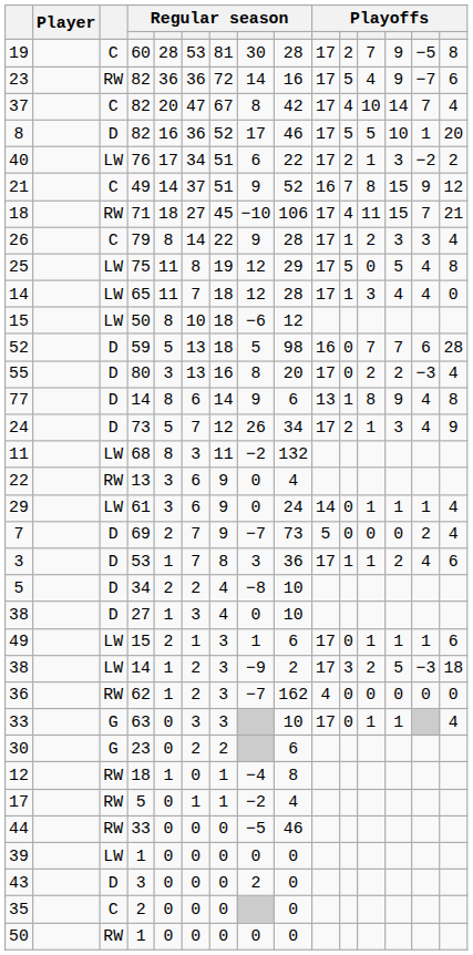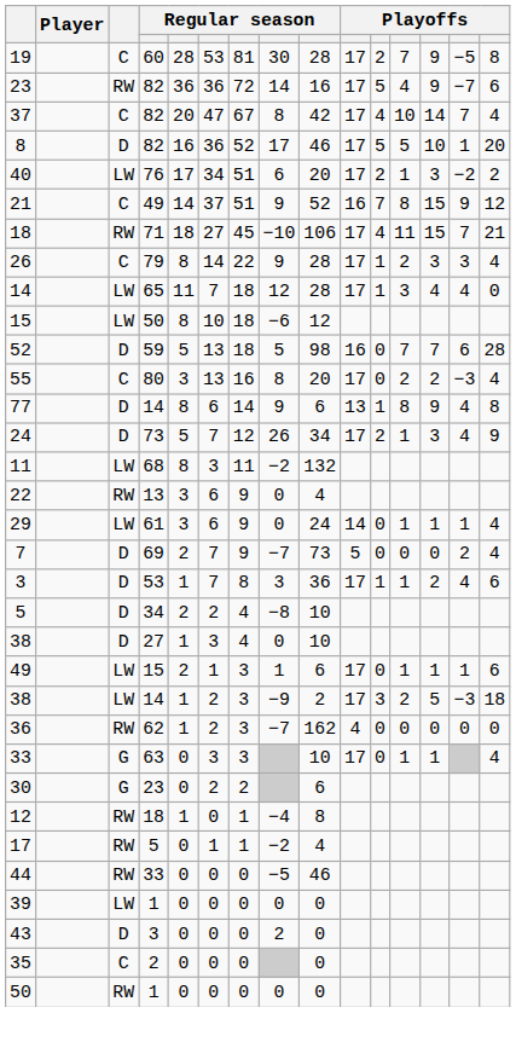 <table class="wikitable sortable plainrowheaders" style="text-align:center;">
 <tr>
 <th scope="col" data-sort-type="number" rowspan="2"></th>
 <th scope="col" rowspan="2">Player</th>
 <th scope="col" rowspan="2"></th>
 <th scope=colgroup colspan=6>Regular season</th>
 <th scope=colgroup colspan=6>Playoffs</th>
 </tr>
 <tr>
 <th scope="col" data-sort-type="number"></th>
 <th scope="col" data-sort-type="number"></th>
 <th scope="col" data-sort-type="number"></th>
 <th scope="col" data-sort-type="number"></th>
 <th scope="col" data-sort-type="number"></th>
 <th scope="col" data-sort-type="number"></th>
 <th scope="col" data-sort-type="number"></th>
 <th scope="col" data-sort-type="number"></th>
 <th scope="col" data-sort-type="number"></th>
 <th scope="col" data-sort-type="number"></th>
 <th scope="col" data-sort-type="number"></th>
 <th scope="col" data-sort-type="number"></th>
 </tr>
 <tr>
 <td scope="row">19</td>
 <td align="left"></td>
 <td>C</td>
 <td>60</td>
 <td>28</td>
 <td>53</td>
 <td>81</td>
 <td>30</td>
 <td>28</td>
 <td>17</td>
 <td>2</td>
 <td>7</td>
 <td>9</td>
 <td>−5</td>
 <td>8</td>
 </tr>
 <tr>
 <td scope="row">23</td>
 <td align="left"></td>
 <td>RW</td>
 <td>82</td>
 <td>36</td>
 <td>36</td>
 <td>72</td>
 <td>14</td>
 <td>16</td>
 <td>17</td>
 <td>5</td>
 <td>4</td>
 <td>9</td>
 <td>−7</td>
 <td>6</td>
 </tr>
 <tr>
 <td scope="row">37</td>
 <td align="left"></td>
 <td>C</td>
 <td>82</td>
 <td>20</td>
 <td>47</td>
 <td>67</td>
 <td>8</td>
 <td>42</td>
 <td>17</td>
 <td>4</td>
 <td>10</td>
 <td>14</td>
 <td>7</td>
 <td>4</td>
 </tr>
 <tr>
 <td scope="row">8</td>
 <td align="left"></td>
 <td>D</td>
 <td>82</td>
 <td>16</td>
 <td>36</td>
 <td>52</td>
 <td>17</td>
 <td>46</td>
 <td>17</td>
 <td>5</td>
 <td>5</td>
 <td>10</td>
 <td>1</td>
 <td>20</td>
 </tr>
 <tr>
 <td scope="row">40</td>
 <td align="left"></td>
 <td>LW</td>
 <td>76</td>
 <td>17</td>
 <td>34</td>
 <td>51</td>
 <td>6</td>
-<td>22</td>
+<td>20</td>
 <td>17</td>
 <td>2</td>
 <td>1</td>
 <td>3</td>
 <td>−2</td>
 <td>2</td>
 </tr>
 <tr>
 <td scope="row">21</td>
 <td align="left"></td>
 <td>C</td>
 <td>49</td>
 <td>14</td>
 <td>37</td>
 <td>51</td>
 <td>9</td>
 <td>52</td>
 <td>16</td>
 <td>7</td>
 <td>8</td>
 <td>15</td>
 <td>9</td>
 <td>12</td>
 </tr>
 <tr>
 <td scope="row">18</td>
 <td align="left"></td>
 <td>RW</td>
 <td>71</td>
 <td>18</td>
 <td>27</td>
 <td>45</td>
 <td>−10</td>
 <td>106</td>
 <td>17</td>
 <td>4</td>
 <td>11</td>
 <td>15</td>
 <td>7</td>
 <td>21</td>
 </tr>
 <tr>
 <td scope="row">26</td>
 <td align="left"></td>
 <td>C</td>
 <td>79</td>
 <td>8</td>
 <td>14</td>
 <td>22</td>
 <td>9</td>
 <td>28</td>
 <td>17</td>
 <td>1</td>
 <td>2</td>
 <td>3</td>
 <td>3</td>
 <td>4</td>
 </tr>
 <tr>
-<td scope="row">25</td>
-<td align="left"></td>
-<td>LW</td>
-<td>75</td>
-<td>11</td>
-<td>8</td>
-<td>19</td>
-<td>12</td>
-<td>29</td>
-<td>17</td>
-<td>5</td>
-<td>0</td>
-<td>5</td>
-<td>4</td>
-<td>8</td>
-</tr>
-<tr>
 <td scope="row">14</td>
 <td align="left"></td>
 <td>LW</td>
 <td>65</td>
 <td>11</td>
 <td>7</td>
 <td>18</td>
 <td>12</td>
 <td>28</td>
 <td>17</td>
 <td>1</td>
 <td>3</td>
 <td>4</td>
 <td>4</td>
 <td>0</td>
 </tr>
 <tr>
 <td scope="row">15</td>
 <td align="left"></td>
 <td>LW</td>
 <td>50</td>
 <td>8</td>
 <td>10</td>
 <td>18</td>
 <td>−6</td>
 <td>12</td>
 <td></td>
 <td></td>
 <td></td>
 <td></td>
 <td></td>
 <td></td>
 </tr>
 <tr>
 <td scope="row">52</td>
 <td align="left"></td>
 <td>D</td>
 <td>59</td>
 <td>5</td>
 <td>13</td>
 <td>18</td>
 <td>5</td>
 <td>98</td>
 <td>16</td>
 <td>0</td>
 <td>7</td>
 <td>7</td>
 <td>6</td>
 <td>28</td>
 </tr>
 <tr>
 <td scope="row">55</td>
 <td align="left"></td>
-<td>D</td>
+<td>C</td>
 <td>80</td>
 <td>3</td>
 <td>13</td>
 <td>16</td>
 <td>8</td>
 <td>20</td>
 <td>17</td>
 <td>0</td>
 <td>2</td>
 <td>2</td>
 <td>−3</td>
 <td>4</td>
 </tr>
 <tr>
 <td scope="row">77</td>
 <td align="left"></td>
 <td>D</td>
 <td>14</td>
 <td>8</td>
 <td>6</td>
 <td>14</td>
 <td>9</td>
 <td>6</td>
 <td>13</td>
 <td>1</td>
 <td>8</td>
 <td>9</td>
 <td>4</td>
 <td>8</td>
 </tr>
 <tr>
 <td scope="row">24</td>
 <td align="left"></td>
 <td>D</td>
 <td>73</td>
 <td>5</td>
 <td>7</td>
 <td>12</td>
 <td>26</td>
 <td>34</td>
 <td>17</td>
 <td>2</td>
 <td>1</td>
 <td>3</td>
 <td>4</td>
 <td>9</td>
 </tr>
 <tr>
 <td scope="row">11</td>
 <td align="left"></td>
 <td>LW</td>
 <td>68</td>
 <td>8</td>
 <td>3</td>
 <td>11</td>
 <td>−2</td>
 <td>132</td>
 <td></td>
 <td></td>
 <td></td>
 <td></td>
 <td></td>
 <td></td>
 </tr>
 <tr>
 <td scope="row">22</td>
 <td align="left"></td>
 <td>RW</td>
 <td>13</td>
 <td>3</td>
 <td>6</td>
 <td>9</td>
 <td>0</td>
 <td>4</td>
 <td></td>
 <td></td>
 <td></td>
 <td></td>
 <td></td>
 <td></td>
 </tr>
 <tr>
 <td scope="row">29</td>
 <td align="left"></td>
 <td>LW</td>
 <td>61</td>
 <td>3</td>
 <td>6</td>
 <td>9</td>
 <td>0</td>
 <td>24</td>
 <td>14</td>
 <td>0</td>
 <td>1</td>
 <td>1</td>
 <td>1</td>
 <td>4</td>
 </tr>
 <tr>
 <td scope="row">7</td>
 <td align="left"></td>
 <td>D</td>
 <td>69</td>
 <td>2</td>
 <td>7</td>
 <td>9</td>
 <td>−7</td>
 <td>73</td>
 <td>5</td>
 <td>0</td>
 <td>0</td>
 <td>0</td>
 <td>2</td>
 <td>4</td>
 </tr>
 <tr>
 <td scope="row">3</td>
 <td align="left"></td>
 <td>D</td>
 <td>53</td>
 <td>1</td>
 <td>7</td>
 <td>8</td>
 <td>3</td>
 <td>36</td>
 <td>17</td>
 <td>1</td>
 <td>1</td>
 <td>2</td>
 <td>4</td>
 <td>6</td>
 </tr>
 <tr>
 <td scope="row">5</td>
 <td align="left"></td>
 <td>D</td>
 <td>34</td>
 <td>2</td>
 <td>2</td>
 <td>4</td>
 <td>−8</td>
 <td>10</td>
 <td></td>
 <td></td>
 <td></td>
 <td></td>
 <td></td>
 <td></td>
 </tr>
 <tr>
 <td scope="row">38</td>
 <td align="left"></td>
 <td>D</td>
 <td>27</td>
 <td>1</td>
 <td>3</td>
 <td>4</td>
 <td>0</td>
 <td>10</td>
 <td></td>
 <td></td>
 <td></td>
 <td></td>
 <td></td>
 <td></td>
 </tr>
 <tr>
 <td scope="row">49</td>
 <td align="left"></td>
 <td>LW</td>
 <td>15</td>
 <td>2</td>
 <td>1</td>
 <td>3</td>
 <td>1</td>
 <td>6</td>
 <td>17</td>
 <td>0</td>
 <td>1</td>
 <td>1</td>
 <td>1</td>
 <td>6</td>
 </tr>
 <tr>
 <td scope="row">38</td>
 <td align="left"></td>
 <td>LW</td>
 <td>14</td>
 <td>1</td>
 <td>2</td>
 <td>3</td>
 <td>−9</td>
 <td>2</td>
 <td>17</td>
 <td>3</td>
 <td>2</td>
 <td>5</td>
 <td>−3</td>
 <td>18</td>
 </tr>
 <tr>
 <td scope="row">36</td>
 <td align="left"></td>
 <td>RW</td>
 <td>62</td>
 <td>1</td>
 <td>2</td>
 <td>3</td>
 <td>−7</td>
 <td>162</td>
 <td>4</td>
 <td>0</td>
 <td>0</td>
 <td>0</td>
 <td>0</td>
 <td>0</td>
 </tr>
 <tr>
 <td scope="row">33</td>
 <td align="left"></td>
 <td>G</td>
 <td>63</td>
 <td>0</td>
 <td>3</td>
 <td>3</td>
 <td style="background:#ccc"></td>
 <td>10</td>
 <td>17</td>
 <td>0</td>
 <td>1</td>
 <td>1</td>
 <td style="background:#ccc"></td>
 <td>4</td>
 </tr>
 <tr>
 <td scope="row">30</td>
 <td align="left"></td>
 <td>G</td>
 <td>23</td>
 <td>0</td>
 <td>2</td>
 <td>2</td>
 <td style="background:#ccc"></td>
 <td>6</td>
 <td></td>
 <td></td>
 <td></td>
 <td></td>
 <td></td>
 <td></td>
 </tr>
 <tr>
 <td scope="row">12</td>
 <td align="left"></td>
 <td>RW</td>
 <td>18</td>
 <td>1</td>
 <td>0</td>
 <td>1</td>
 <td>−4</td>
 <td>8</td>
 <td></td>
 <td></td>
 <td></td>
 <td></td>
 <td></td>
 <td></td>
 </tr>
 <tr>
 <td scope="row">17</td>
 <td align="left"></td>
 <td>RW</td>
 <td>5</td>
 <td>0</td>
 <td>1</td>
 <td>1</td>
 <td>−2</td>
 <td>4</td>
 <td></td>
 <td></td>
 <td></td>
 <td></td>
 <td></td>
 <td></td>
 </tr>
 <tr>
 <td scope="row">44</td>
 <td align="left"></td>
 <td>RW</td>
 <td>33</td>
 <td>0</td>
 <td>0</td>
 <td>0</td>
 <td>−5</td>
 <td>46</td>
 <td></td>
 <td></td>
 <td></td>
 <td></td>
 <td></td>
 <td></td>
 </tr>
 <tr>
 <td scope="row">39</td>
 <td align="left"></td>
 <td>LW</td>
 <td>1</td>
 <td>0</td>
 <td>0</td>
 <td>0</td>
 <td>0</td>
 <td>0</td>
 <td></td>
 <td></td>
 <td></td>
 <td></td>
 <td></td>
 <td></td>
 </tr>
 <tr>
 <td scope="row">43</td>
 <td align="left"></td>
 <td>D</td>
 <td>3</td>
 <td>0</td>
 <td>0</td>
 <td>0</td>
 <td>2</td>
 <td>0</td>
 <td></td>
 <td></td>
 <td></td>
 <td></td>
 <td></td>
 <td></td>
 </tr>
 <tr>
 <td scope="row">35</td>
 <td align="left"></td>
 <td>C</td>
 <td>2</td>
 <td>0</td>
 <td>0</td>
 <td>0</td>
 <td style="background:#ccc"></td>
 <td>0</td>
 <td></td>
 <td></td>
 <td></td>
 <td></td>
 <td></td>
 <td></td>
 </tr>
 <tr>
 <td scope="row">50</td>
 <td align="left"></td>
 <td>RW</td>
 <td>1</td>
 <td>0</td>
 <td>0</td>
 <td>0</td>
 <td>0</td>
 <td>0</td>
 <td></td>
 <td></td>
 <td></td>
 <td></td>
 <td></td>
 <td></td>
 </tr>
 </table>
